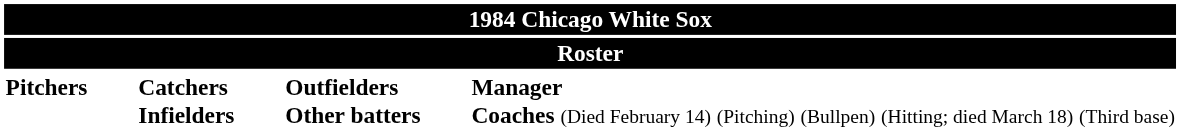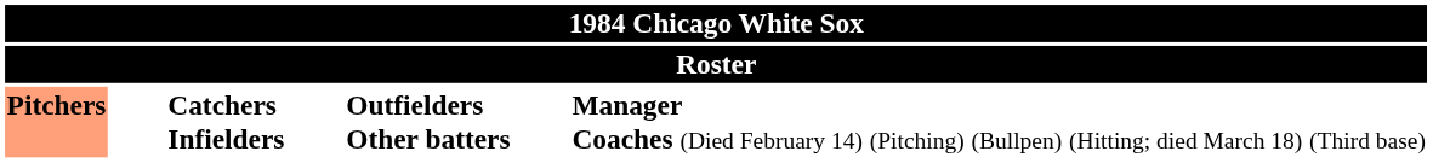 <table class="toccolours" style="font-size: 95%;">
 <tr>
 <th colspan="10" style="background-color: black; color: white; text-align: center;">1984 Chicago White Sox</th>
 </tr>
 <tr>
 <td colspan="10" style="background-color: black; color: white; text-align: center;"><strong>Roster</strong></td>
 </tr>
 <tr>
-<td valign="top"><strong>Pitchers</strong><br>                </td>
+<td valign="top" style="background: lightsalmon;"><strong>Pitchers</strong><br>                </td>
 <td width="25px"></td>
 <td valign="top"><strong>Catchers</strong><br>    <strong>Infielders</strong>           </td>
 <td width="25px"></td>
 <td valign="top"><strong>Outfielders</strong><br>      <strong>Other batters</strong>  </td>
 <td width="25px"></td>
 <td valign="top"><strong>Manager</strong><br> <strong>Coaches</strong>  <small>(Died February 14)</small>   <small>(Pitching)</small>  <small>(Bullpen)</small>  <small>(Hitting; died March 18)</small>  <small>(Third base)</small>  </td>
 </tr>
 </table>
